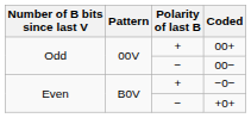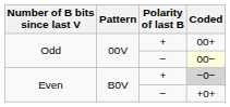 <table class=wikitable style="text-align:center;">
 <tr>
 <th>Number of B bits<br>since last V</th>
 <th>Pattern</th>
 <th>Polarity<br>of last B</th>
 <th>Coded</th>
 </tr>
 <tr>
 <td rowspan=2>Odd</td>
 <td rowspan=2>00V</td>
 <td>+</td>
 <td>00+</td>
 </tr>
 <tr>
 <td>−</td>
-<td>00−</td>
+<td style="background: lightyellow;">00−</td>
 </tr>
 <tr>
 <td rowspan=2>Even</td>
 <td rowspan=2>B0V</td>
 <td>+</td>
-<td>−0−</td>
+<td style="background: lightgrey;">−0−</td>
 </tr>
 <tr>
 <td>−</td>
 <td>+0+</td>
 </tr>
 </table>
